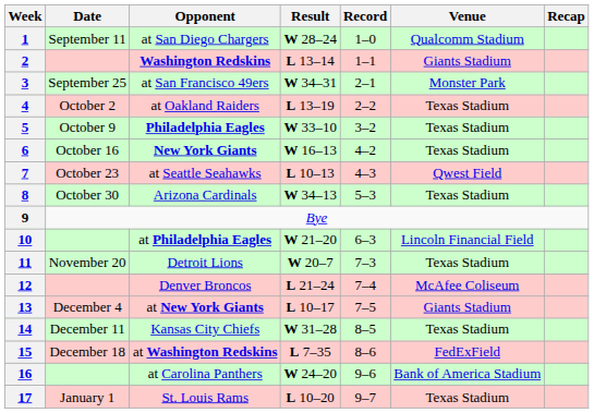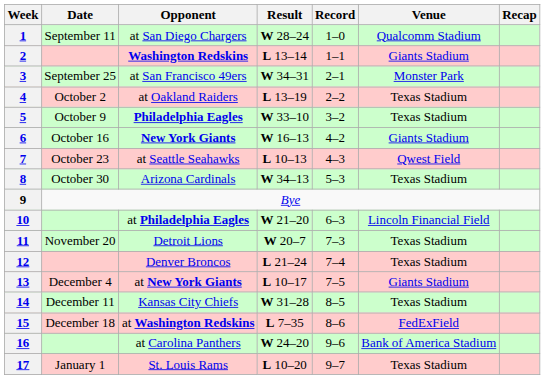 <table class="wikitable" style="text-align:center">
 <tr>
 <th>Week</th>
 <th>Date</th>
 <th>Opponent</th>
 <th>Result</th>
 <th>Record</th>
 <th>Venue</th>
 <th>Recap</th>
 </tr>
 <tr style="background: #cfc;">
 <th><a href='#'>1</a></th>
 <td>September 11</td>
 <td>at <a href='#'>San Diego Chargers</a></td>
 <td><strong>W</strong> 28–24</td>
 <td>1–0</td>
 <td><a href='#'>Qualcomm Stadium</a></td>
 <td></td>
 </tr>
 <tr style="background: #fcc;">
 <th><a href='#'>2</a></th>
 <td></td>
 <td><strong><a href='#'>Washington Redskins</a></strong></td>
 <td><strong>L</strong> 13–14</td>
 <td>1–1</td>
 <td><a href='#'>Giants Stadium</a></td>
 <td></td>
 </tr>
 <tr style="background: #cfc;">
 <th><a href='#'>3</a></th>
 <td>September 25</td>
 <td>at <a href='#'>San Francisco 49ers</a></td>
 <td><strong>W</strong> 34–31</td>
 <td>2–1</td>
 <td><a href='#'>Monster Park</a></td>
 <td></td>
 </tr>
 <tr style="background: #fcc;">
 <th><a href='#'>4</a></th>
 <td>October 2</td>
 <td>at <a href='#'>Oakland Raiders</a></td>
 <td><strong>L</strong> 13–19</td>
 <td>2–2</td>
 <td>Texas Stadium</td>
 <td></td>
 </tr>
 <tr style="background: #cfc;">
 <th><a href='#'>5</a></th>
 <td>October 9</td>
 <td><strong><a href='#'>Philadelphia Eagles</a></strong></td>
 <td><strong>W</strong> 33–10</td>
 <td>3–2</td>
 <td>Texas Stadium</td>
 <td></td>
 </tr>
 <tr style="background: #cfc;">
 <th><a href='#'>6</a></th>
 <td>October 16</td>
 <td><strong><a href='#'>New York Giants</a></strong></td>
 <td><strong>W</strong> 16–13 </td>
 <td>4–2</td>
-<td>Texas Stadium</td>
+<td><a href='#'>Giants Stadium</a></td>
 <td></td>
 </tr>
 <tr style="background: #fcc;">
 <th><a href='#'>7</a></th>
 <td>October 23</td>
 <td>at <a href='#'>Seattle Seahawks</a></td>
 <td><strong>L</strong> 10–13</td>
 <td>4–3</td>
 <td><a href='#'>Qwest Field</a></td>
 <td></td>
 </tr>
 <tr style="background: #cfc;">
 <th><a href='#'>8</a></th>
 <td>October 30</td>
 <td><a href='#'>Arizona Cardinals</a></td>
 <td><strong>W</strong> 34–13</td>
 <td>5–3</td>
 <td>Texas Stadium</td>
 <td></td>
 </tr>
 <tr>
 <th>9</th>
 <td align=center colspan="6"><em><a href='#'>Bye</a></em></td>
 </tr>
 <tr style="background: #cfc;">
 <th><a href='#'>10</a></th>
 <td></td>
 <td>at <strong><a href='#'>Philadelphia Eagles</a></strong></td>
 <td><strong>W</strong> 21–20</td>
 <td>6–3</td>
 <td><a href='#'>Lincoln Financial Field</a></td>
 <td></td>
 </tr>
 <tr style="background: #cfc;">
 <th><a href='#'>11</a></th>
 <td>November 20</td>
 <td><a href='#'>Detroit Lions</a></td>
 <td><strong>W</strong> 20–7</td>
 <td>7–3</td>
 <td>Texas Stadium</td>
 <td></td>
 </tr>
 <tr style="background: #fcc;">
 <th><a href='#'>12</a></th>
 <td><a href='#'></a></td>
 <td><a href='#'>Denver Broncos</a></td>
 <td><strong>L</strong> 21–24 </td>
 <td>7–4</td>
-<td><a href='#'>McAfee Coliseum</a></td>
+<td>Texas Stadium</td>
 <td></td>
 </tr>
 <tr style="background: #fcc;">
 <th><a href='#'>13</a></th>
 <td>December 4</td>
 <td>at <strong><a href='#'>New York Giants</a></strong></td>
 <td><strong>L</strong> 10–17</td>
 <td>7–5</td>
 <td><a href='#'>Giants Stadium</a></td>
 <td></td>
 </tr>
 <tr style="background: #cfc;">
 <th><a href='#'>14</a></th>
 <td>December 11</td>
 <td><a href='#'>Kansas City Chiefs</a></td>
 <td><strong>W</strong> 31–28</td>
 <td>8–5</td>
 <td>Texas Stadium</td>
 <td></td>
 </tr>
 <tr style="background: #fcc;">
 <th><a href='#'>15</a></th>
 <td>December 18</td>
 <td>at  <strong><a href='#'>Washington Redskins</a></strong></td>
 <td><strong>L</strong> 7–35</td>
 <td>8–6</td>
 <td><a href='#'>FedExField</a></td>
 <td></td>
 </tr>
 <tr style="background: #cfc;">
 <th><a href='#'>16</a></th>
 <td></td>
 <td>at <a href='#'>Carolina Panthers</a></td>
 <td><strong>W</strong> 24–20</td>
 <td>9–6</td>
 <td><a href='#'>Bank of America Stadium</a></td>
 <td></td>
 </tr>
 <tr style="background: #fcc;">
 <th><a href='#'>17</a></th>
 <td>January 1</td>
 <td><a href='#'>St. Louis Rams</a></td>
 <td><strong>L</strong> 10–20</td>
 <td>9–7</td>
 <td>Texas Stadium</td>
 <td></td>
 </tr>
 </table>
